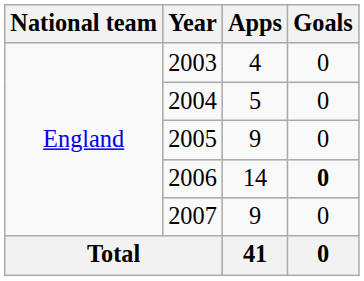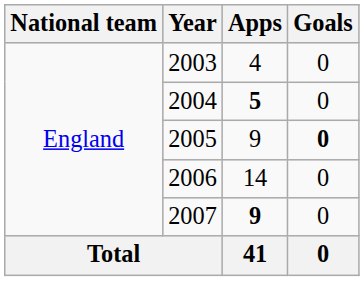 <table class=wikitable style=text-align:center>
 <tr>
 <th>National team</th>
 <th>Year</th>
 <th>Apps</th>
 <th>Goals</th>
 </tr>
 <tr>
 <td rowspan="5"><a href='#'>England</a></td>
 <td>2003</td>
 <td>4</td>
 <td>0</td>
 </tr>
 <tr>
 <td>2004</td>
-<td>5</td>
+<td><strong>5</strong></td>
 <td>0</td>
 </tr>
 <tr>
 <td>2005</td>
 <td>9</td>
-<td>0</td>
+<td><strong>0</strong></td>
 </tr>
 <tr>
 <td>2006</td>
 <td>14</td>
-<td><strong>0</strong></td>
+<td>0</td>
 </tr>
 <tr>
 <td>2007</td>
-<td>9</td>
+<td><strong>9</strong></td>
 <td>0</td>
 </tr>
 <tr>
 <th colspan="2">Total</th>
 <th>41</th>
 <th>0</th>
 </tr>
 </table>
